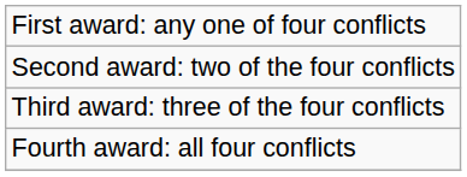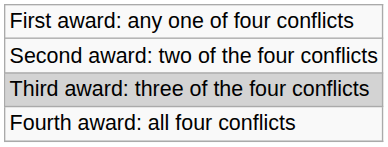 <table class="wikitable">
 <tr>
 <td> First award: any one of four conflicts</td>
 </tr>
 <tr>
 <td> Second award: two of the four conflicts</td>
 </tr>
 <tr>
-<td> Third award: three of the four conflicts</td>
+<td style="background: lightgrey;"> Third award: three of the four conflicts</td>
 </tr>
 <tr>
 <td> Fourth award: all four conflicts</td>
 </tr>
 <tr>
 </tr>
 </table>
